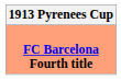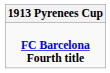 <table class=wikitable style="text-align: center; margin: 0 auto;">
 <tr>
 <th>1913 Pyrenees Cup</th>
 </tr>
 <tr>
-<td align=center style="background: lightsalmon;"><br><strong><a href='#'>FC Barcelona</a></strong><br><strong>Fourth title</strong></td>
+<td align=center><br><strong><a href='#'>FC Barcelona</a></strong><br><strong>Fourth title</strong></td>
 </tr>
 </table>
